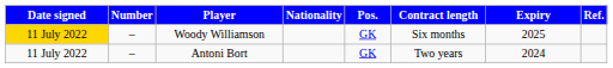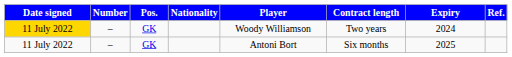 <table class="wikitable"  style="text-align:center; font-size:90%; ">
 <tr>
 <th style="background:blue; color:white; width:120px;">Date signed</th>
 <th style="background:blue; color:white; width:50px;">Number</th>
+<th style="background:blue; color:white; width:50px;">Pos.</th>
+<th style="background:blue; color:white; width:50px;">Nationality</th>
 <th style="background:blue; color:white; width:150px;">Player</th>
-<th style="background:blue; color:white; width:50px;">Nationality</th>
-<th style="background:blue; color:white; width:50px;">Pos.</th>
 <th style="background:blue; color:white; width:110px;">Contract length</th>
 <th style="background:blue; color:white; width:110px;">Expiry</th>
 <th style="background:blue; color:white; width:25px;">Ref.</th>
 </tr>
 <tr>
 <td style="background: gold;">11 July 2022</td>
 <td>–</td>
+<td><a href='#'>GK</a></td>
+<td></td>
 <td>Woody Williamson</td>
-<td></td>
-<td><a href='#'>GK</a></td>
-<td>Six months</td>
-<td>2025</td>
+<td>Two years</td>
+<td>2024</td>
 <td></td>
 </tr>
 <tr>
 <td>11 July 2022</td>
 <td>–</td>
+<td><a href='#'>GK</a></td>
+<td></td>
 <td>Antoni Bort</td>
-<td></td>
-<td><a href='#'>GK</a></td>
-<td>Two years</td>
-<td>2024</td>
+<td>Six months</td>
+<td>2025</td>
 <td></td>
 </tr>
 </table>
